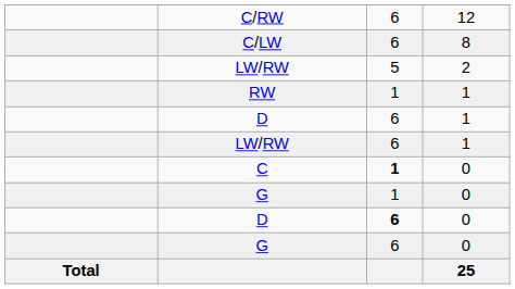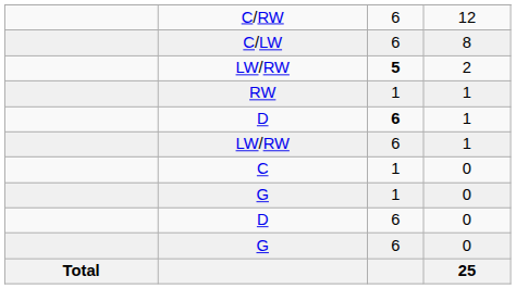 <table class="wikitable sortable" width ="40%">
 <tr align="center">
 </tr>
 <tr align="center" bgcolor="">
 <td></td>
 <td><a href='#'>C</a>/<a href='#'>RW</a></td>
 <td>6</td>
 <td>12</td>
 </tr>
 <tr align="center" bgcolor="f0f0f0">
 <td></td>
 <td><a href='#'>C</a>/<a href='#'>LW</a></td>
 <td>6</td>
 <td>8</td>
 </tr>
 <tr align="center" bgcolor="">
 <td></td>
 <td><a href='#'>LW</a>/<a href='#'>RW</a></td>
-<td>5</td>
+<td><strong>5</strong></td>
 <td>2</td>
 </tr>
 <tr align="center" bgcolor="f0f0f0">
 <td></td>
 <td><a href='#'>RW</a></td>
 <td>1</td>
 <td>1</td>
 </tr>
 <tr align="center" bgcolor="">
 <td></td>
 <td><a href='#'>D</a></td>
-<td>6</td>
+<td><strong>6</strong></td>
 <td>1</td>
 </tr>
 <tr align="center" bgcolor="f0f0f0">
 <td></td>
 <td><a href='#'>LW</a>/<a href='#'>RW</a></td>
 <td>6</td>
 <td>1</td>
 </tr>
 <tr align="center" bgcolor="">
 <td></td>
 <td><a href='#'>C</a></td>
-<td><strong>1</strong></td>
+<td>1</td>
 <td>0</td>
 </tr>
 <tr align="center" bgcolor="f0f0f0">
 <td></td>
 <td><a href='#'>G</a></td>
 <td>1</td>
 <td>0</td>
 </tr>
 <tr align="center" bgcolor="">
 <td></td>
 <td><a href='#'>D</a></td>
-<td><strong>6</strong></td>
+<td>6</td>
 <td>0</td>
 </tr>
 <tr align="center" bgcolor="f0f0f0">
 <td></td>
 <td><a href='#'>G</a></td>
 <td>6</td>
 <td>0</td>
 </tr>
 <tr>
 <th>Total</th>
 <th></th>
 <th></th>
 <th>25</th>
 </tr>
 </table>
